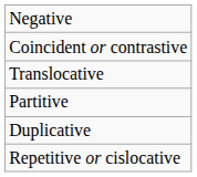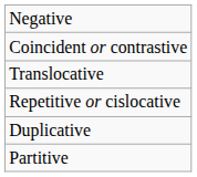 <table class="wikitable">
 <tr>
 <td>Negative</td>
 </tr>
 <tr>
 <td>Coincident <em>or</em> contrastive</td>
 </tr>
 <tr>
 <td>Translocative</td>
 </tr>
 <tr>
-<td>Partitive</td>
+<td>Repetitive <em>or</em> cislocative</td>
 </tr>
 <tr>
 <td>Duplicative</td>
 </tr>
 <tr>
-<td>Repetitive <em>or</em> cislocative</td>
+<td>Partitive</td>
 </tr>
 </table>
